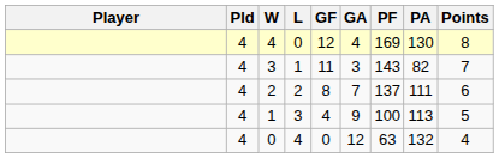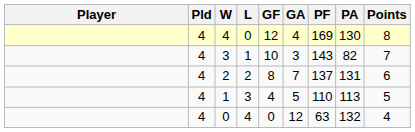 <table class=wikitable style="text-align:center;">
 <tr>
 <th width=220>Player</th>
 <th width=20>Pld</th>
 <th width=20>W</th>
 <th width=20>L</th>
 <th width=20>GF</th>
 <th width=20>GA</th>
 <th width=20>PF</th>
 <th width=20>PA</th>
 <th width=50>Points</th>
 </tr>
 <tr bgcolor=#ffffcc>
 <td style="text-align:left;"></td>
 <td>4</td>
 <td>4</td>
 <td>0</td>
 <td>12</td>
 <td>4</td>
 <td>169</td>
 <td>130</td>
 <td>8</td>
 </tr>
 <tr>
 <td style="text-align:left;"></td>
 <td>4</td>
 <td>3</td>
 <td>1</td>
-<td>11</td>
+<td>10</td>
 <td>3</td>
 <td>143</td>
 <td>82</td>
 <td>7</td>
 </tr>
 <tr>
 <td style="text-align:left;"></td>
 <td>4</td>
 <td>2</td>
 <td>2</td>
 <td>8</td>
 <td>7</td>
 <td>137</td>
-<td>111</td>
+<td>131</td>
 <td>6</td>
 </tr>
 <tr>
 <td style="text-align:left;"></td>
 <td>4</td>
 <td>1</td>
 <td>3</td>
 <td>4</td>
-<td>9</td>
-<td>100</td>
+<td>5</td>
+<td>110</td>
 <td>113</td>
 <td>5</td>
 </tr>
 <tr>
 <td style="text-align:left;"></td>
 <td>4</td>
 <td>0</td>
 <td>4</td>
 <td>0</td>
 <td>12</td>
 <td>63</td>
 <td>132</td>
 <td>4</td>
 </tr>
 </table>
